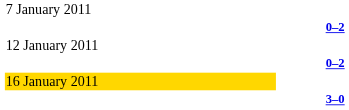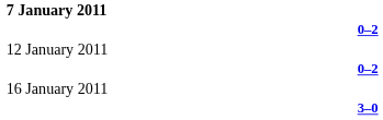 <table style="width:70%;" cellspacing="1">
 <tr>
 <th width=35%></th>
 <th width=15%></th>
 <th></th>
 </tr>
 <tr>
-<td>7 January 2011</td>
+<td><strong>7 January 2011</strong></td>
 </tr>
 <tr style=font-size:90%>
 <td align=right><strong></strong></td>
 <td align=center><strong><a href='#'>0–2</a></strong></td>
 <td><strong></strong></td>
 </tr>
 <tr>
 <td>12 January 2011</td>
 </tr>
 <tr style=font-size:90%>
 <td align=right><strong></strong></td>
 <td align=center><strong><a href='#'>0–2</a></strong></td>
 <td><strong></strong></td>
 </tr>
 <tr>
-<td style="background: gold;">16 January 2011</td>
+<td>16 January 2011</td>
 </tr>
 <tr style=font-size:90%>
 <td align=right><strong></strong></td>
 <td align=center><strong><a href='#'>3–0</a></strong></td>
 <td><strong></strong></td>
 </tr>
 </table>
